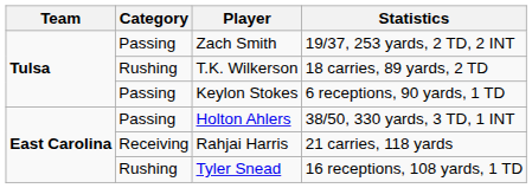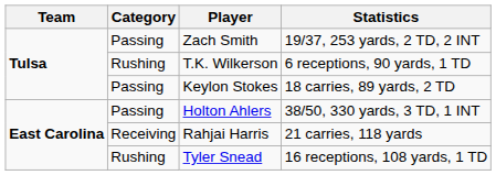 <table class="wikitable" style="float: right;">
 <tr>
 <th>Team</th>
 <th>Category</th>
 <th>Player</th>
 <th>Statistics</th>
 </tr>
 <tr>
 <td rowspan=3><strong>Tulsa</strong></td>
 <td>Passing</td>
 <td>Zach Smith</td>
 <td>19/37, 253 yards, 2 TD, 2 INT</td>
 </tr>
 <tr>
 <td>Rushing</td>
 <td>T.K. Wilkerson</td>
-<td>18 carries, 89 yards, 2 TD</td>
+<td>6 receptions, 90 yards, 1 TD</td>
 </tr>
 <tr>
 <td>Passing</td>
 <td>Keylon Stokes</td>
-<td>6 receptions, 90 yards, 1 TD</td>
+<td>18 carries, 89 yards, 2 TD</td>
 </tr>
 <tr>
 <td rowspan=3><strong>East Carolina</strong></td>
 <td>Passing</td>
 <td><a href='#'>Holton Ahlers</a></td>
 <td>38/50, 330 yards, 3 TD, 1 INT</td>
 </tr>
 <tr>
 <td>Receiving</td>
 <td>Rahjai Harris</td>
 <td>21 carries, 118 yards</td>
 </tr>
 <tr>
 <td>Rushing</td>
 <td><a href='#'>Tyler Snead</a></td>
 <td>16 receptions, 108 yards, 1 TD</td>
 </tr>
 </table>
